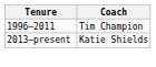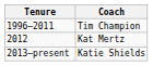 <table class="wikitable" style="font-size:  %; text-align: ;">
 <tr>
 <th width=100px>Tenure</th>
 <th>Coach</th>
 </tr>
 <tr>
 <td>1996–2011</td>
 <td>Tim Champion</td>
 </tr>
 <tr>
+<td>2012</td>
+<td>Kat Mertz</td>
+</tr>
+<tr>
 <td>2013–present</td>
 <td>Katie Shields</td>
 </tr>
 </table>
